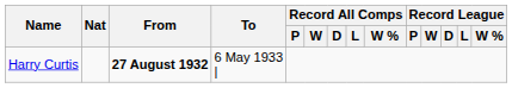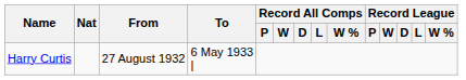 <table class="wikitable" style="text-align: center">
 <tr>
 <th rowspan="2">Name</th>
 <th rowspan="2">Nat</th>
 <th rowspan="2">From</th>
 <th rowspan="2">To</th>
 <th colspan="5">Record All Comps</th>
 <th colspan="5">Record League</th>
 </tr>
 <tr>
 <th>P</th>
 <th>W</th>
 <th>D</th>
 <th>L</th>
 <th>W %</th>
 <th>P</th>
 <th>W</th>
 <th>D</th>
 <th>L</th>
 <th>W %</th>
 </tr>
 <tr>
 <td align=left><a href='#'>Harry Curtis</a></td>
 <td></td>
-<td align=left><strong>27 August 1932</strong></td>
+<td align=left>27 August 1932</td>
 <td align=left>6 May 1933<br>|</td>
 </tr>
 </table>
